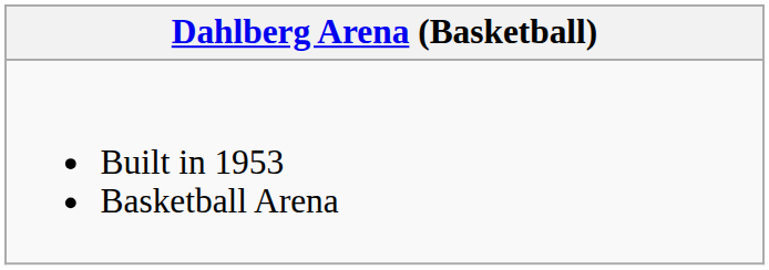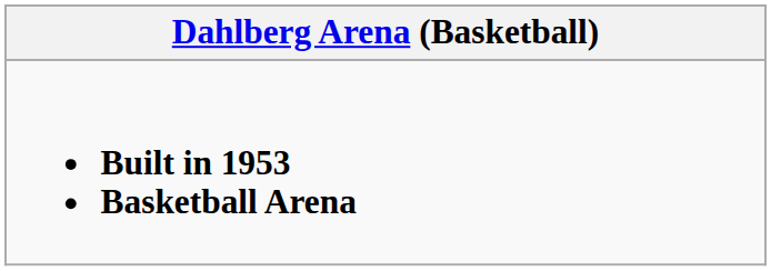 <table class="wikitable collapsible collapsed" style="width:350px;">
 <tr>
 <th><strong><a href='#'>Dahlberg Arena</a></strong> (Basketball)</th>
 </tr>
 <tr>
-<td><br><ul><li>Built in 1953</li><li>Basketball Arena</li></ul></td>
+<td><strong><br><ul><li>Built in 1953</li><li>Basketball Arena</li></ul></strong></td>
 </tr>
 </table>
